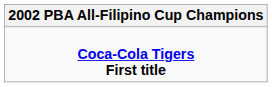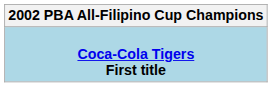 <table class=wikitable style="text-align:center; margin:auto">
 <tr>
 <th>2002 PBA All-Filipino Cup Champions</th>
 </tr>
 <tr>
-<td><br> <strong><a href='#'>Coca-Cola Tigers</a></strong> <br> <strong>First title</strong></td>
+<td style="background: lightblue;"><br> <strong><a href='#'>Coca-Cola Tigers</a></strong> <br> <strong>First title</strong></td>
 </tr>
 </table>
